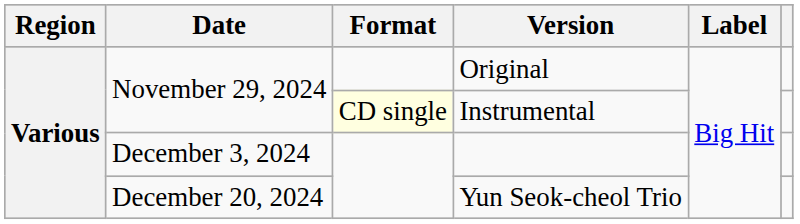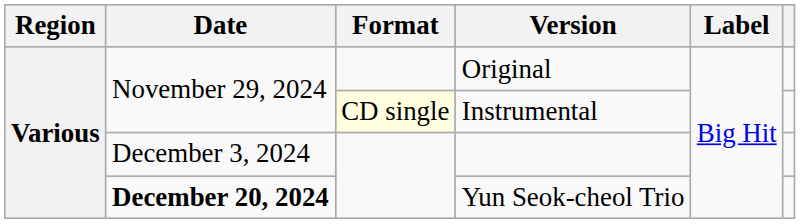 <table class="wikitable plainrowheaders">
 <tr>
 <th scope="col">Region</th>
 <th scope="col">Date</th>
 <th scope="col">Format</th>
 <th scope="col">Version</th>
 <th scope="col">Label</th>
 <th scope="col"></th>
 </tr>
 <tr>
 <th scope="row" rowspan="4">Various</th>
 <td rowspan="2">November 29, 2024</td>
 <td></td>
 <td>Original</td>
 <td rowspan="4"><a href='#'>Big Hit</a></td>
 <td style="text-align:center"></td>
 </tr>
 <tr>
 <td style="background: lightyellow;">CD single</td>
 <td>Instrumental</td>
 <td style="text-align:center"></td>
 </tr>
 <tr>
 <td>December 3, 2024</td>
 <td rowspan="2"></td>
 <td></td>
 <td style="text-align:center"></td>
 </tr>
 <tr>
-<td>December 20, 2024</td>
+<td><strong>December 20, 2024</strong></td>
 <td>Yun Seok-cheol Trio</td>
 <td style="text-align:center"></td>
 </tr>
 </table>
